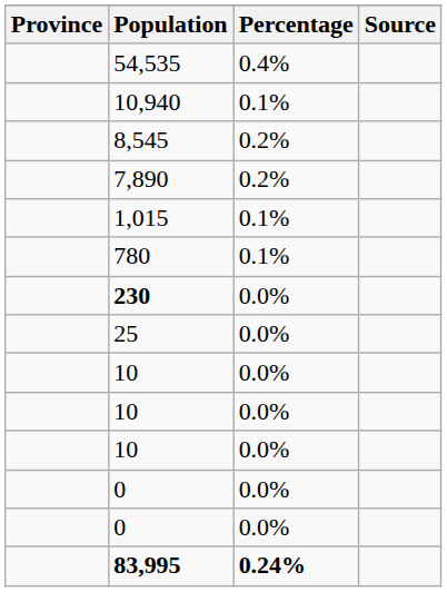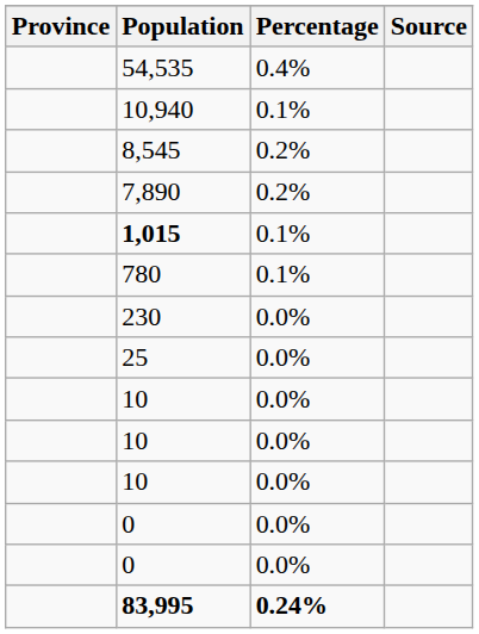 <table class="wikitable sortable">
 <tr>
 </tr>
 <tr>
 <th>Province</th>
 <th>Population</th>
 <th>Percentage</th>
 <th>Source</th>
 </tr>
 <tr>
 <td></td>
 <td>54,535</td>
 <td>0.4%</td>
 <td></td>
 </tr>
 <tr>
 <td></td>
 <td>10,940</td>
 <td>0.1%</td>
 <td></td>
 </tr>
 <tr>
 <td></td>
 <td>8,545</td>
 <td>0.2%</td>
 <td></td>
 </tr>
 <tr>
 <td></td>
 <td>7,890</td>
 <td>0.2%</td>
 <td></td>
 </tr>
 <tr>
 <td></td>
-<td>1,015</td>
+<td><strong>1,015</strong></td>
 <td>0.1%</td>
 <td></td>
 </tr>
 <tr>
 <td></td>
 <td>780</td>
 <td>0.1%</td>
 <td></td>
 </tr>
 <tr>
 <td></td>
-<td><strong>230</strong></td>
+<td>230</td>
 <td>0.0%</td>
 <td></td>
 </tr>
 <tr>
 <td></td>
 <td>25</td>
 <td>0.0%</td>
 <td></td>
 </tr>
 <tr>
 <td></td>
 <td>10</td>
 <td>0.0%</td>
 <td></td>
 </tr>
 <tr>
 <td></td>
 <td>10</td>
 <td>0.0%</td>
 <td></td>
 </tr>
 <tr>
 <td></td>
 <td>10</td>
 <td>0.0%</td>
 <td></td>
 </tr>
 <tr>
 <td></td>
 <td>0</td>
 <td>0.0%</td>
 <td></td>
 </tr>
 <tr>
 <td></td>
 <td>0</td>
 <td>0.0%</td>
 <td></td>
 </tr>
 <tr>
 <td></td>
 <td><strong>83,995</strong></td>
 <td><strong>0.24%</strong></td>
 <td></td>
 </tr>
 </table>
